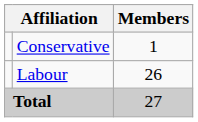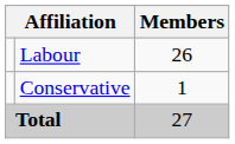 <table class="wikitable">
 <tr>
 <th colspan="2">Affiliation</th>
 <th>Members</th>
 </tr>
 <tr>
 <td style="color:inherit;background:"></td>
-<td><a href='#'>Conservative</a></td>
-<td style="text-align:center;">1</td>
+<td><a href='#'>Labour</a></td>
+<td style="text-align:center;">26</td>
 </tr>
 <tr>
 <td style="color:inherit;background:"></td>
-<td><a href='#'>Labour</a></td>
-<td style="text-align:center;">26</td>
+<td><a href='#'>Conservative</a></td>
+<td style="text-align:center;">1</td>
 </tr>
 <tr style="background:#ccc;">
 <td colspan="2"> <strong>Total</strong></td>
 <td style="text-align:center;">27</td>
 </tr>
 </table>
